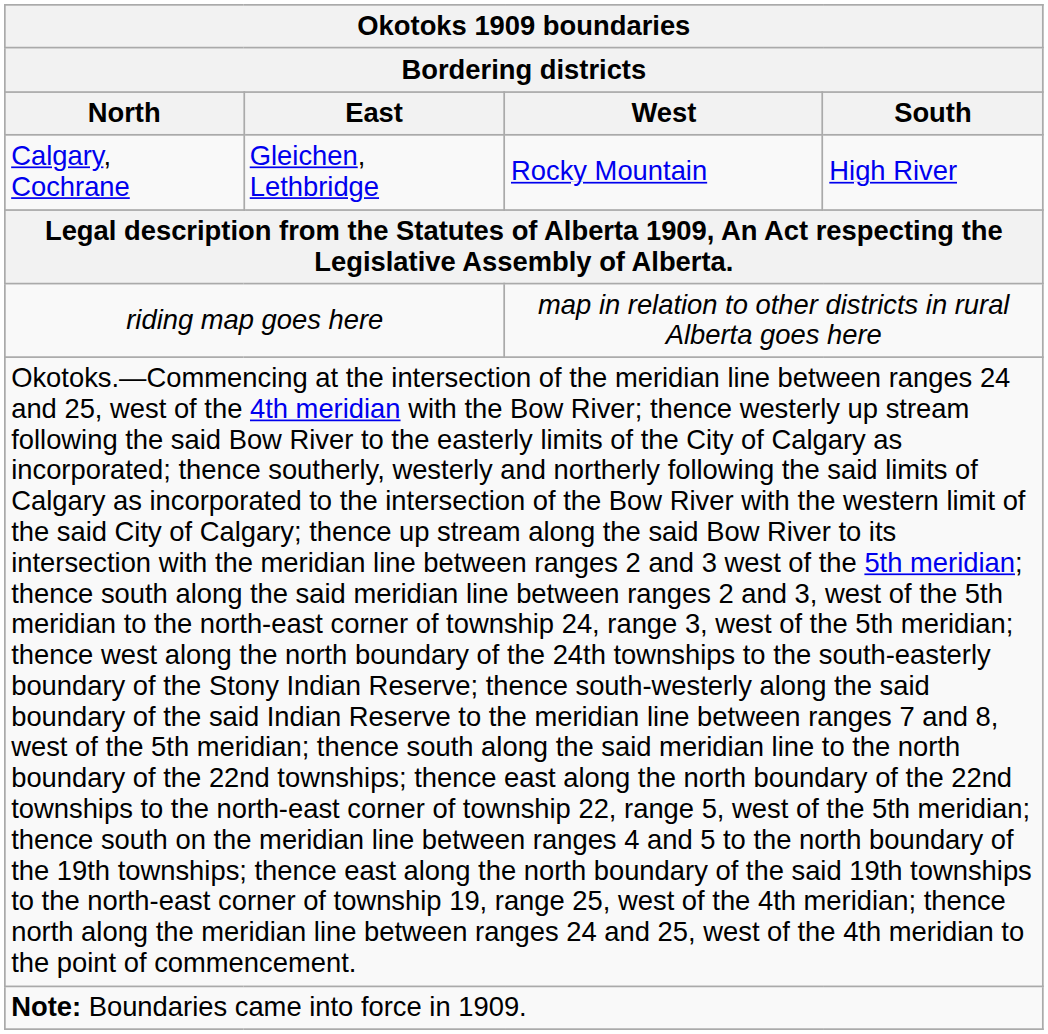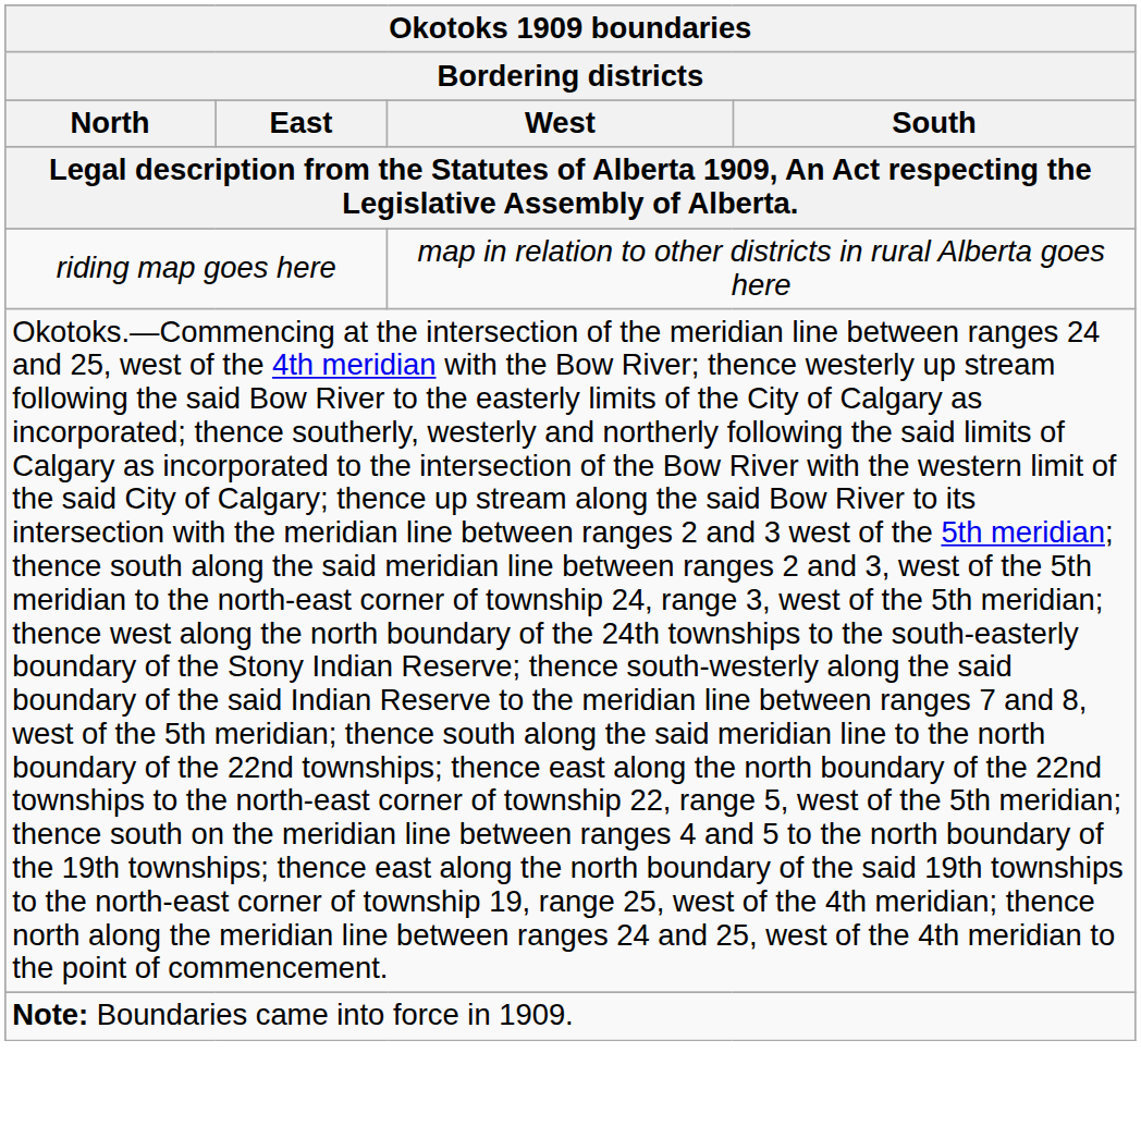 <table class="wikitable collapsible collapsed">
 <tr>
 <th colspan=4>Okotoks 1909 boundaries</th>
 </tr>
 <tr>
 <th colspan=4>Bordering districts</th>
 </tr>
 <tr>
 <th>North</th>
 <th>East</th>
 <th>West</th>
 <th>South</th>
-</tr>
-<tr>
-<td><a href='#'>Calgary</a>, <a href='#'>Cochrane</a></td>
-<td><a href='#'>Gleichen</a>, <a href='#'>Lethbridge</a></td>
-<td><a href='#'>Rocky Mountain</a></td>
-<td><a href='#'>High River</a></td>
 </tr>
 <tr>
 <th colspan=4>Legal description from the Statutes of Alberta 1909, An Act respecting the Legislative Assembly of Alberta.</th>
 </tr>
 <tr>
 <td colspan=2 align=center><em>riding map goes here</em></td>
 <td colspan=2 align=center><em>map in relation to other districts in rural Alberta goes here</em></td>
 </tr>
 <tr>
 <td colspan=4>Okotoks.—Commencing at the intersection of the meridian line between ranges 24 and 25, west of the <a href='#'>4th meridian</a> with the Bow River; thence westerly up stream following the said Bow River to the easterly limits of the City of Calgary as incorporated; thence southerly, westerly and northerly following the said limits of Calgary as incorporated to the intersection of the Bow River with the western limit of the said City of Calgary; thence up stream along the said Bow River to its intersection with the meridian line between ranges 2 and 3 west of the <a href='#'>5th meridian</a>; thence south along the said meridian line between ranges 2 and 3, west of the 5th meridian to the north-east corner of township 24, range 3, west of the 5th meridian; thence west along the north boundary of the 24th townships to the south-easterly boundary of the Stony Indian Reserve; thence south-westerly along the said boundary of the said Indian Reserve to the meridian line between ranges 7 and 8, west of the 5th meridian; thence south along the said meridian line to the north boundary of the 22nd townships; thence east along the north boundary of the 22nd townships to the north-east corner of township 22, range 5, west of the 5th meridian; thence south on the meridian line between ranges 4 and 5 to the north boundary of the 19th townships; thence east along the north boundary of the said 19th townships to the north-east corner of township 19, range 25, west of the 4th meridian; thence north along the meridian line between ranges 24 and 25, west of the 4th meridian to the point of commencement.</td>
 </tr>
 <tr>
 <td colspan=4><strong>Note:</strong> Boundaries came into force in 1909.</td>
 </tr>
 </table>
